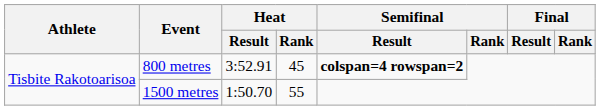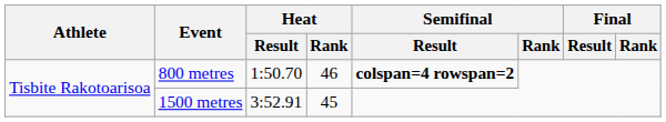 <table class=wikitable style=font-size:90%>
 <tr>
 <th rowspan=2>Athlete</th>
 <th rowspan=2>Event</th>
 <th colspan=2>Heat</th>
 <th colspan=2>Semifinal</th>
 <th colspan=2>Final</th>
 </tr>
 <tr style=font-size:95%>
 <th>Result</th>
 <th>Rank</th>
 <th>Result</th>
 <th>Rank</th>
 <th>Result</th>
 <th>Rank</th>
 </tr>
 <tr align=center>
 <td align=left rowspan=2><a href='#'>Tisbite Rakotoarisoa</a></td>
 <td align=left><a href='#'>800 metres</a></td>
-<td>3:52.91</td>
-<td>45</td>
+<td>1:50.70</td>
+<td>46</td>
 <td><strong>colspan=4 rowspan=2 </strong></td>
 </tr>
 <tr align=center>
 <td align=left><a href='#'>1500 metres</a></td>
-<td>1:50.70</td>
-<td>55</td>
+<td>3:52.91</td>
+<td>45</td>
 </tr>
 </table>
